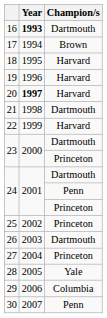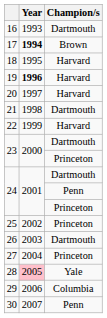 <table class="wikitable sortable" style="text-align:center">
 <tr>
 <th></th>
 <th>Year</th>
 <th>Champion/s</th>
 </tr>
 <tr>
 <td>16</td>
-<td><strong>1993</strong></td>
+<td>1993</td>
 <td>Dartmouth </td>
 </tr>
 <tr>
 <td>17</td>
-<td>1994</td>
+<td><strong>1994</strong></td>
 <td>Brown </td>
 </tr>
 <tr>
 <td>18</td>
 <td>1995</td>
 <td>Harvard </td>
 </tr>
 <tr>
 <td>19</td>
-<td>1996</td>
+<td><strong>1996</strong></td>
 <td>Harvard </td>
 </tr>
 <tr>
 <td>20</td>
-<td><strong>1997</strong></td>
+<td>1997</td>
 <td>Harvard </td>
 </tr>
 <tr>
 <td>21</td>
 <td>1998</td>
 <td>Dartmouth </td>
 </tr>
 <tr>
 <td>22</td>
 <td>1999</td>
 <td>Harvard </td>
 </tr>
 <tr>
 <td rowspan=2>23</td>
 <td rowspan=2>2000</td>
 <td>Dartmouth </td>
 </tr>
 <tr>
 <td>Princeton </td>
 </tr>
 <tr>
 <td rowspan=3>24</td>
 <td rowspan=3>2001</td>
 <td>Dartmouth </td>
 </tr>
 <tr>
 <td>Penn </td>
 </tr>
 <tr>
 <td>Princeton  </td>
 </tr>
 <tr>
 <td>25</td>
 <td>2002</td>
 <td>Princeton </td>
 </tr>
 <tr>
 <td>26</td>
 <td>2003</td>
 <td>Dartmouth </td>
 </tr>
 <tr>
 <td>27</td>
 <td>2004</td>
 <td>Princeton </td>
 </tr>
 <tr>
 <td>28</td>
-<td>2005</td>
+<td style="background: pink;">2005</td>
 <td>Yale </td>
 </tr>
 <tr>
 <td>29</td>
 <td>2006</td>
 <td>Columbia </td>
 </tr>
 <tr>
 <td>30</td>
 <td>2007</td>
 <td>Penn </td>
 </tr>
 </table>
